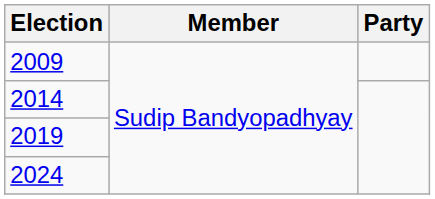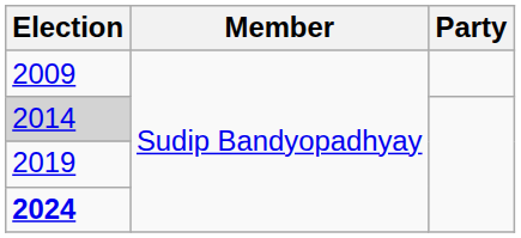 <table class="wikitable sortable">
 <tr>
 <th>Election</th>
 <th>Member</th>
 <th colspan=2>Party</th>
 </tr>
 <tr>
 <td><a href='#'>2009</a></td>
 <td rowspan="4"><a href='#'>Sudip Bandyopadhyay</a></td>
 <td></td>
 </tr>
 <tr>
-<td><a href='#'>2014</a></td>
+<td style="background: lightgrey;"><a href='#'>2014</a></td>
 </tr>
 <tr>
 <td><a href='#'>2019</a></td>
 </tr>
 <tr>
-<td><a href='#'>2024</a></td>
+<td><strong><a href='#'>2024</a></strong></td>
 </tr>
 </table>
